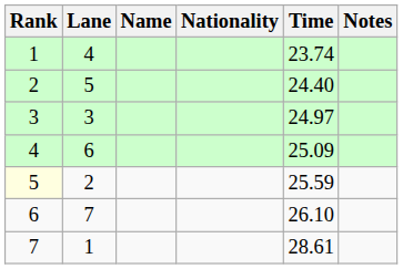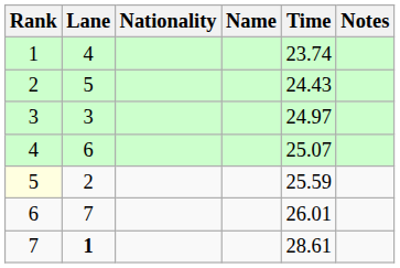 <table class="wikitable sortable" style="text-align:center">
 <tr>
 <th>Rank</th>
 <th>Lane</th>
+<th>Nationality</th>
 <th>Name</th>
-<th>Nationality</th>
 <th>Time</th>
 <th>Notes</th>
 </tr>
 <tr bgcolor=ccffcc>
 <td>1</td>
 <td>4</td>
 <td align=left></td>
 <td align=left></td>
 <td>23.74</td>
 <td><strong></strong></td>
 </tr>
 <tr bgcolor=ccffcc>
 <td>2</td>
 <td>5</td>
 <td align=left></td>
 <td align=left></td>
-<td>24.40</td>
+<td>24.43</td>
 <td><strong></strong></td>
 </tr>
 <tr bgcolor=ccffcc>
 <td>3</td>
 <td>3</td>
 <td align=left></td>
 <td align=left></td>
 <td>24.97</td>
 <td><strong></strong></td>
 </tr>
 <tr bgcolor=ccffcc>
 <td>4</td>
 <td>6</td>
 <td align=left></td>
 <td align=left></td>
-<td>25.09</td>
+<td>25.07</td>
 <td><strong></strong></td>
 </tr>
 <tr>
 <td style="background: lightyellow;">5</td>
 <td>2</td>
 <td align=left></td>
 <td align=left></td>
 <td>25.59</td>
 <td></td>
 </tr>
 <tr>
 <td>6</td>
 <td>7</td>
 <td align=left></td>
 <td align=left></td>
-<td>26.10</td>
+<td>26.01</td>
 <td></td>
 </tr>
 <tr>
 <td>7</td>
-<td>1</td>
+<td><strong>1</strong></td>
 <td align=left></td>
 <td align=left></td>
 <td>28.61</td>
 <td></td>
 </tr>
 </table>
